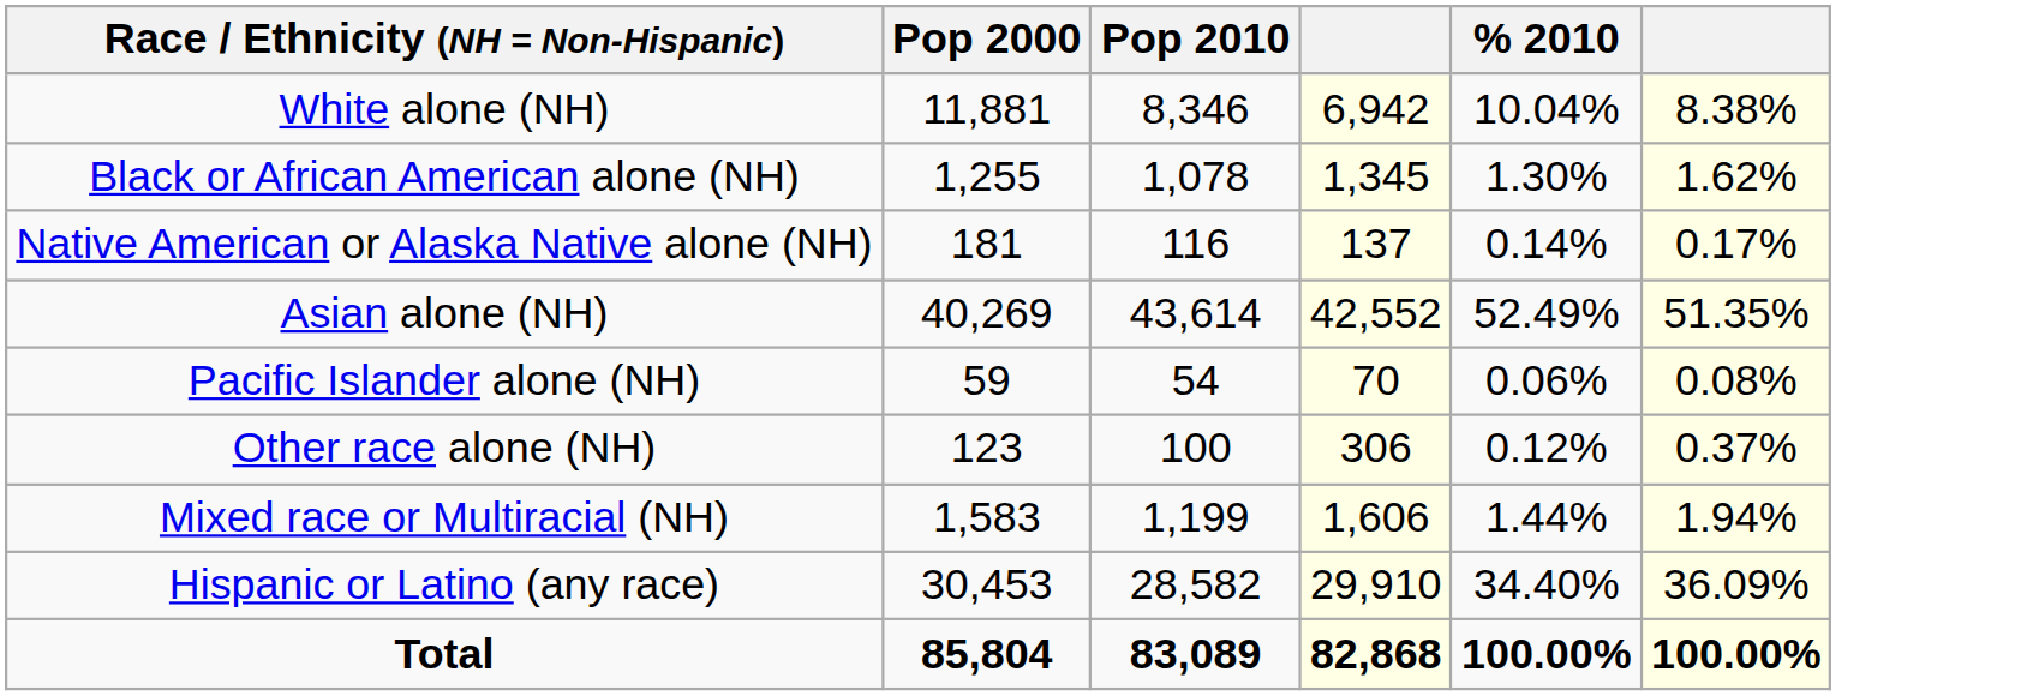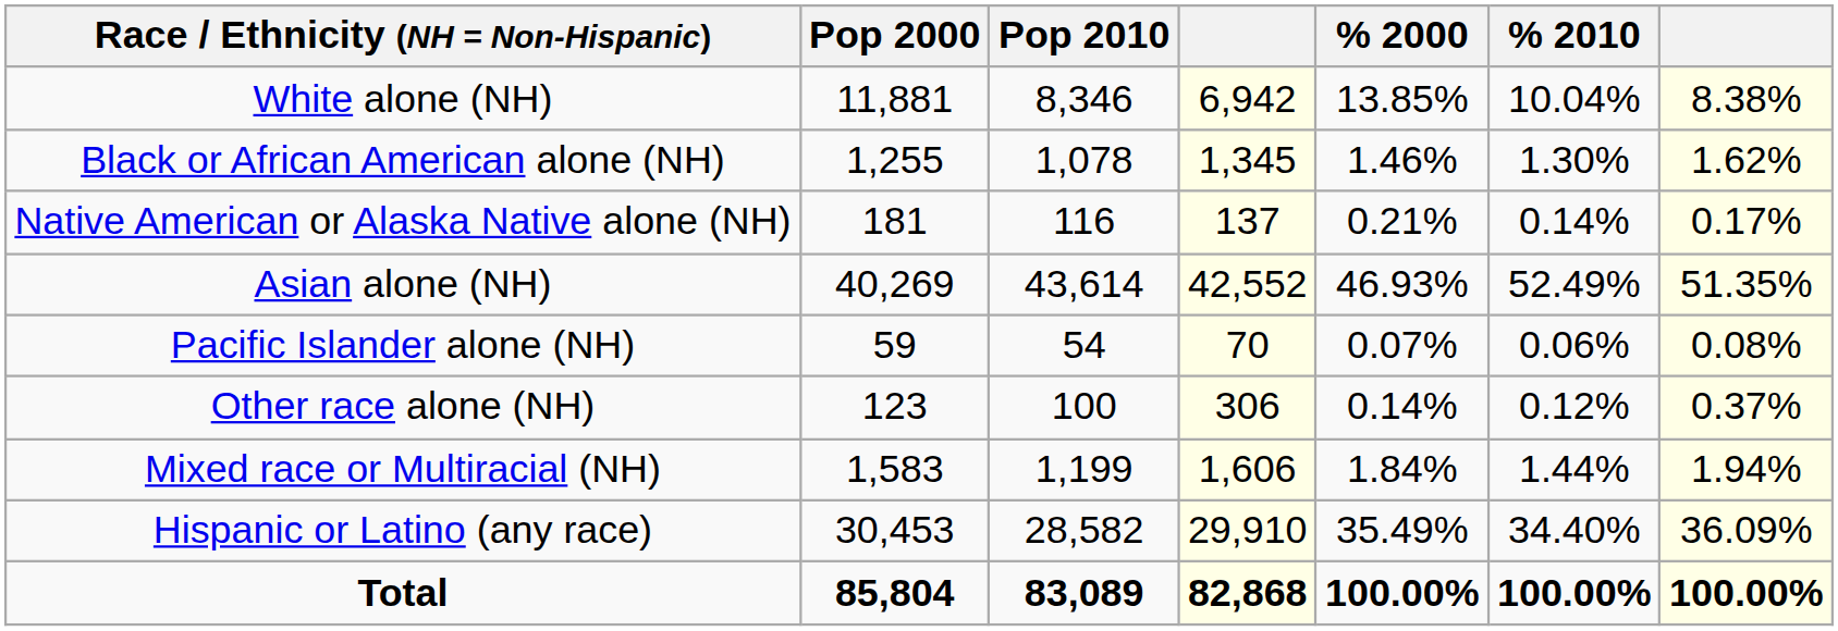 <table class="wikitable" style="text-align:center;">
 <tr>
 <th>Race / Ethnicity <small>(<em>NH = Non-Hispanic</em>)</small></th>
 <th>Pop 2000</th>
 <th>Pop 2010</th>
 <th></th>
+<th>% 2000</th>
 <th>% 2010</th>
 <th></th>
 </tr>
 <tr>
 <td><a href='#'>White</a> alone (NH)</td>
 <td>11,881</td>
 <td>8,346</td>
 <td style='background: #ffffe6;'>6,942</td>
+<td>13.85%</td>
 <td>10.04%</td>
 <td style='background: #ffffe6;'>8.38%</td>
 </tr>
 <tr>
 <td><a href='#'>Black or African American</a> alone (NH)</td>
 <td>1,255</td>
 <td>1,078</td>
 <td style='background: #ffffe6;'>1,345</td>
+<td>1.46%</td>
 <td>1.30%</td>
 <td style='background: #ffffe6;'>1.62%</td>
 </tr>
 <tr>
 <td><a href='#'>Native American</a> or <a href='#'>Alaska Native</a> alone (NH)</td>
 <td>181</td>
 <td>116</td>
 <td style='background: #ffffe6;'>137</td>
+<td>0.21%</td>
 <td>0.14%</td>
 <td style='background: #ffffe6;'>0.17%</td>
 </tr>
 <tr>
 <td><a href='#'>Asian</a> alone (NH)</td>
 <td>40,269</td>
 <td>43,614</td>
 <td style='background: #ffffe6;'>42,552</td>
+<td>46.93%</td>
 <td>52.49%</td>
 <td style='background: #ffffe6;'>51.35%</td>
 </tr>
 <tr>
 <td><a href='#'>Pacific Islander</a> alone (NH)</td>
 <td>59</td>
 <td>54</td>
 <td style='background: #ffffe6;'>70</td>
+<td>0.07%</td>
 <td>0.06%</td>
 <td style='background: #ffffe6;'>0.08%</td>
 </tr>
 <tr>
 <td><a href='#'>Other race</a> alone (NH)</td>
 <td>123</td>
 <td>100</td>
 <td style='background: #ffffe6;'>306</td>
+<td>0.14%</td>
 <td>0.12%</td>
 <td style='background: #ffffe6;'>0.37%</td>
 </tr>
 <tr>
 <td><a href='#'>Mixed race or Multiracial</a> (NH)</td>
 <td>1,583</td>
 <td>1,199</td>
 <td style='background: #ffffe6;'>1,606</td>
+<td>1.84%</td>
 <td>1.44%</td>
 <td style='background: #ffffe6;'>1.94%</td>
 </tr>
 <tr>
 <td><a href='#'>Hispanic or Latino</a> (any race)</td>
 <td>30,453</td>
 <td>28,582</td>
 <td style='background: #ffffe6;'>29,910</td>
+<td>35.49%</td>
 <td>34.40%</td>
 <td style='background: #ffffe6;'>36.09%</td>
 </tr>
 <tr>
 <td><strong>Total</strong></td>
 <td><strong>85,804</strong></td>
 <td><strong>83,089</strong></td>
 <td style='background: #ffffe6;'><strong>82,868</strong></td>
 <td><strong>100.00%</strong></td>
+<td><strong>100.00%</strong></td>
 <td style='background: #ffffe6;'><strong>100.00%</strong></td>
 </tr>
 </table>
